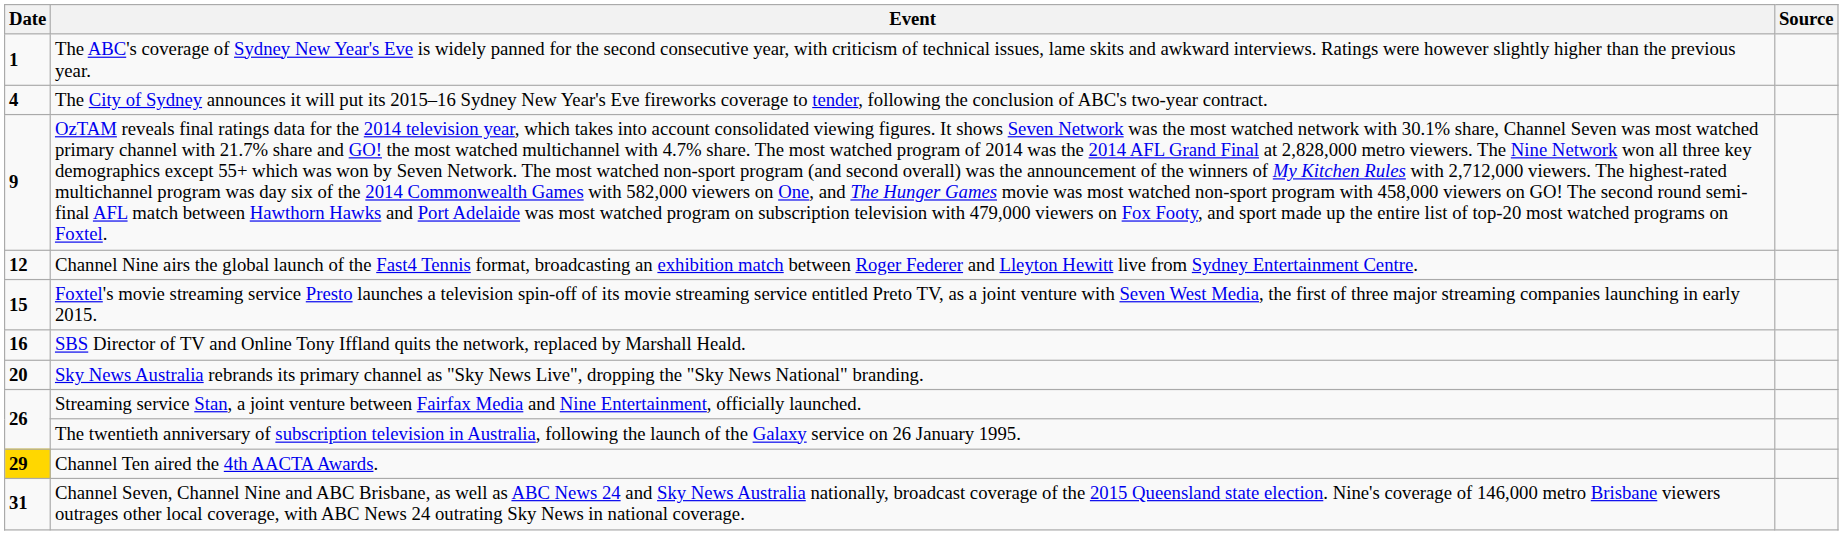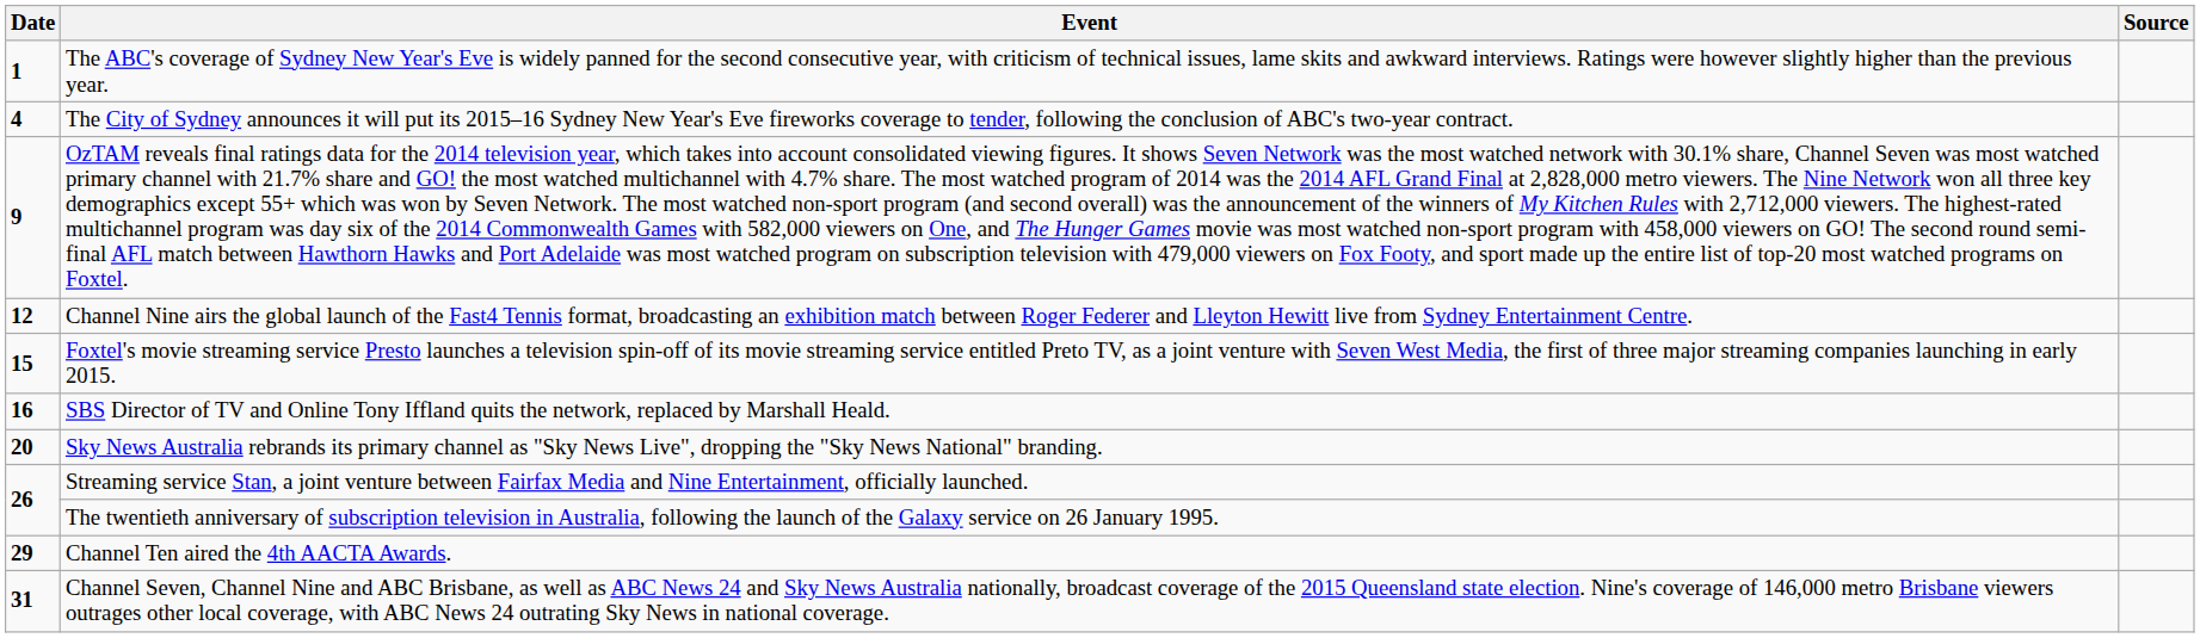 <table class="wikitable">
 <tr>
 <th>Date</th>
 <th>Event</th>
 <th>Source</th>
 </tr>
 <tr>
 <td><strong>1</strong></td>
 <td>The <a href='#'>ABC</a>'s coverage of <a href='#'>Sydney New Year's Eve</a> is widely panned for the second consecutive year, with criticism of technical issues, lame skits and awkward interviews. Ratings were however slightly higher than the previous year.</td>
 <td></td>
 </tr>
 <tr>
 <td><strong>4</strong></td>
 <td>The <a href='#'>City of Sydney</a> announces it will put its 2015–16 Sydney New Year's Eve fireworks coverage to <a href='#'>tender</a>, following the conclusion of ABC's two-year contract.</td>
 <td></td>
 </tr>
 <tr>
 <td><strong>9</strong></td>
 <td><a href='#'>OzTAM</a> reveals final ratings data for the <a href='#'>2014 television year</a>, which takes into account consolidated viewing figures. It shows <a href='#'>Seven Network</a> was the most watched network with 30.1% share, Channel Seven was most watched primary channel with 21.7% share and <a href='#'>GO!</a> the most watched multichannel with 4.7% share. The most watched program of 2014 was the <a href='#'>2014 AFL Grand Final</a> at 2,828,000 metro viewers. The <a href='#'>Nine Network</a> won all three key demographics except 55+ which was won by Seven Network. The most watched non-sport program (and second overall) was the announcement of the winners of <em><a href='#'>My Kitchen Rules</a></em> with 2,712,000 viewers. The highest-rated multichannel program was day six of the <a href='#'>2014 Commonwealth Games</a> with 582,000 viewers on <a href='#'>One</a>, and <em><a href='#'>The Hunger Games</a></em> movie was most watched non-sport program with 458,000 viewers on GO! The second round semi-final <a href='#'>AFL</a> match between <a href='#'>Hawthorn Hawks</a> and <a href='#'>Port Adelaide</a> was most watched program on subscription television with 479,000 viewers on <a href='#'>Fox Footy</a>, and sport made up the entire list of top-20 most watched programs on <a href='#'>Foxtel</a>.</td>
 <td></td>
 </tr>
 <tr>
 <td><strong>12</strong></td>
 <td>Channel Nine airs the global launch of the <a href='#'>Fast4 Tennis</a> format, broadcasting an <a href='#'>exhibition match</a> between <a href='#'>Roger Federer</a> and <a href='#'>Lleyton Hewitt</a> live from <a href='#'>Sydney Entertainment Centre</a>.</td>
 <td></td>
 </tr>
 <tr>
 <td><strong>15</strong></td>
 <td><a href='#'>Foxtel</a>'s movie streaming service <a href='#'>Presto</a> launches a television spin-off of its movie streaming service entitled Preto TV, as a joint venture with <a href='#'>Seven West Media</a>, the first of three major streaming companies launching in early 2015.</td>
 <td></td>
 </tr>
 <tr>
 <td><strong>16</strong></td>
 <td><a href='#'>SBS</a> Director of TV and Online Tony Iffland quits the network, replaced by Marshall Heald.</td>
 <td></td>
 </tr>
 <tr>
 <td><strong>20</strong></td>
 <td><a href='#'>Sky News Australia</a> rebrands its primary channel as "Sky News Live", dropping the "Sky News National" branding.</td>
 <td></td>
 </tr>
 <tr>
 <td rowspan="2"><strong>26</strong></td>
 <td>Streaming service <a href='#'>Stan</a>, a joint venture between <a href='#'>Fairfax Media</a> and <a href='#'>Nine Entertainment</a>, officially launched.</td>
 <td></td>
 </tr>
 <tr>
 <td>The twentieth anniversary of <a href='#'>subscription television in Australia</a>, following the launch of the <a href='#'>Galaxy</a> service on 26 January 1995.</td>
 <td></td>
 </tr>
 <tr>
-<td style="background: gold;"><strong>29</strong></td>
+<td><strong>29</strong></td>
 <td>Channel Ten aired the <a href='#'>4th AACTA Awards</a>.</td>
 <td></td>
 </tr>
 <tr>
 <td><strong>31</strong></td>
 <td>Channel Seven, Channel Nine and ABC Brisbane, as well as <a href='#'>ABC News 24</a> and <a href='#'>Sky News Australia</a> nationally, broadcast coverage of the <a href='#'>2015 Queensland state election</a>. Nine's coverage of 146,000 metro <a href='#'>Brisbane</a> viewers outrages other local coverage, with ABC News 24 outrating Sky News in national coverage.</td>
 <td></td>
 </tr>
 </table>
